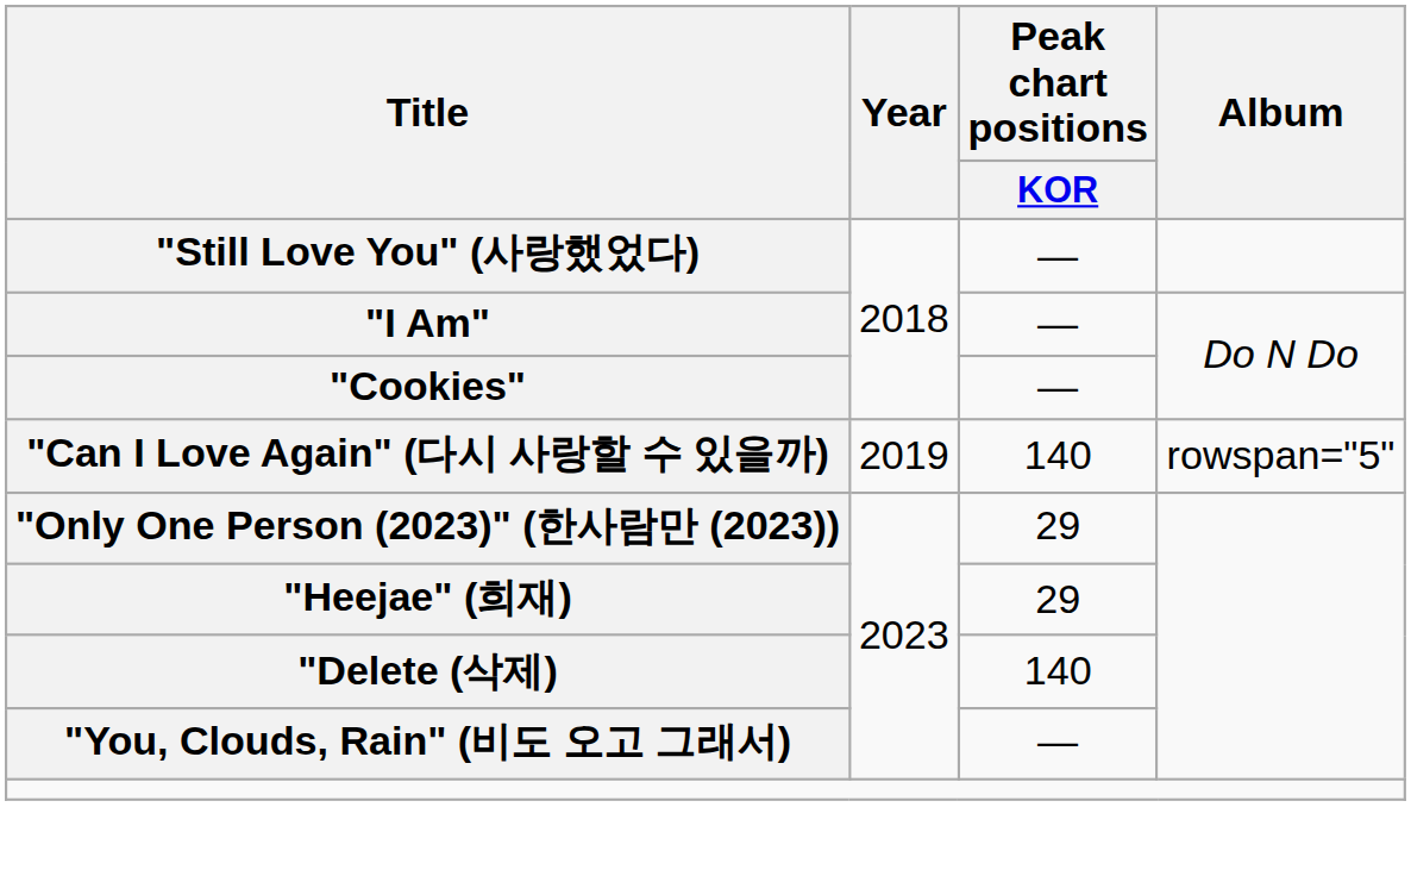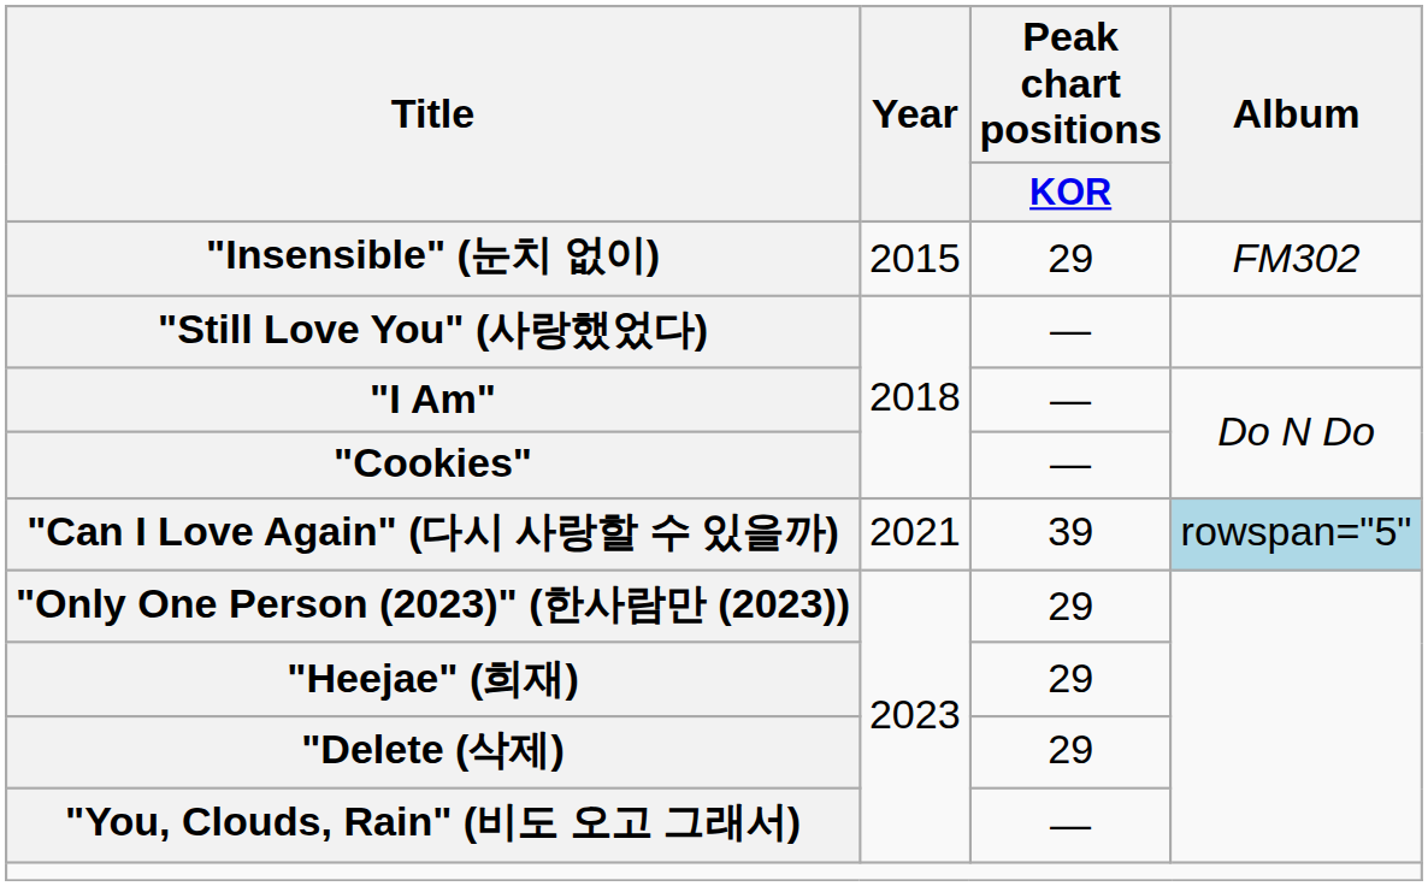 <table class="wikitable plainrowheaders" style="text-align:center;">
 <tr>
 <th scope="col" rowspan="2">Title</th>
 <th scope="col" rowspan="2">Year</th>
 <th>Peak chart positions</th>
 <th rowspan="2">Album</th>
 </tr>
 <tr>
 <th scope="col" style="width:2.5em;font-size:90%;"><a href='#'>KOR</a><br></th>
+</tr>
+<tr>
+<th scope="row">"Insensible" (눈치 없이)</th>
+<td>2015</td>
+<td>29</td>
+<td><em>FM302</em></td>
 </tr>
 <tr>
 <th scope="row">"Still Love You" (사랑했었다) </th>
 <td rowspan="3">2018</td>
 <td>—</td>
 <td></td>
 </tr>
 <tr>
 <th scope="row">"I Am" </th>
 <td>—</td>
 <td rowspan="2"><em>Do N Do</em></td>
 </tr>
 <tr>
 <th scope="row">"Cookies" </th>
 <td>—</td>
 </tr>
 <tr>
 <th scope="row">"Can I Love Again" (다시 사랑할 수 있을까) </th>
-<td>2019</td>
-<td>140</td>
-<td>rowspan="5" </td>
+<td>2021</td>
+<td>39</td>
+<td style="background: lightblue;">rowspan="5" </td>
 </tr>
 <tr>
 <th scope="row">"Only One Person (2023)" (한사람만 (2023)) </th>
 <td rowspan="4">2023</td>
 <td>29</td>
 </tr>
 <tr>
 <th scope="row">"Heejae" (희재) </th>
 <td>29</td>
 </tr>
 <tr>
 <th scope="row">"Delete (삭제) </th>
-<td>140</td>
+<td>29</td>
 </tr>
 <tr>
 <th scope="row">"You, Clouds, Rain" (비도 오고 그래서) </th>
 <td>—</td>
 </tr>
 <tr>
 <td colspan="4"></td>
 </tr>
 </table>
